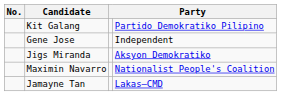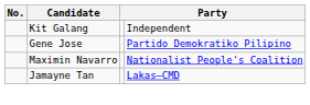 <table class="wikitable sortable" style="text-align:left;">
 <tr>
 <th>No.</th>
 <th>Candidate</th>
 <th colspan="2">Party</th>
 </tr>
 <tr>
 <td></td>
 <td>Kit Galang</td>
 <td></td>
-<td><a href='#'>Partido Demokratiko Pilipino</a></td>
+<td>Independent</td>
 </tr>
 <tr>
 <td></td>
 <td>Gene Jose</td>
 <td></td>
-<td>Independent</td>
-</tr>
-<tr>
-<td></td>
-<td>Jigs Miranda</td>
-<td></td>
-<td><a href='#'>Aksyon Demokratiko</a></td>
+<td><a href='#'>Partido Demokratiko Pilipino</a></td>
 </tr>
 <tr>
 <td></td>
 <td>Maximin Navarro</td>
 <td></td>
 <td><a href='#'>Nationalist People's Coalition</a></td>
 </tr>
 <tr>
 <td></td>
 <td>Jamayne Tan</td>
 <td></td>
 <td><a href='#'>Lakas–CMD</a></td>
 </tr>
 </table>
